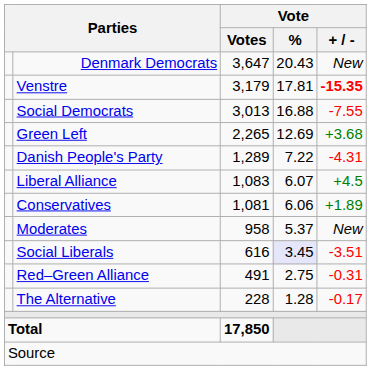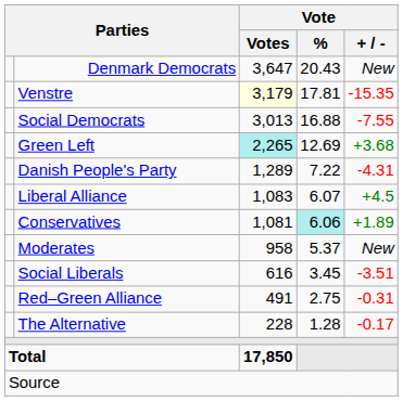 <table class="wikitable" style="text-align:right;">
 <tr>
 <th style="text-align:centre;" rowspan="2" colspan="2" width="225">Parties</th>
 <th colspan="3">Vote</th>
 </tr>
 <tr>
 <th width="15">Votes</th>
 <th width="15">%</th>
 <th width="15">+ / -</th>
 </tr>
 <tr>
 <td width=2 bgcolor=></td>
 <td><a href='#'>Denmark Democrats</a></td>
 <td>3,647</td>
 <td>20.43</td>
 <td><em>New</em></td>
 </tr>
 <tr>
 <td width=2 bgcolor=></td>
 <td align=left><a href='#'>Venstre</a></td>
-<td>3,179</td>
+<td style="background: lightyellow;">3,179</td>
 <td>17.81</td>
-<td style=color:red;><strong>-15.35</strong></td>
+<td style=color:red;>-15.35</td>
 </tr>
 <tr>
 <td width=2 bgcolor=></td>
 <td align=left><a href='#'>Social Democrats</a></td>
 <td>3,013</td>
 <td>16.88</td>
 <td style=color:red;>-7.55</td>
 </tr>
 <tr>
 <td width=2 bgcolor=></td>
 <td align=left><a href='#'>Green Left</a></td>
-<td>2,265</td>
+<td style="background: paleturquoise;">2,265</td>
 <td>12.69</td>
 <td style=color:green;>+3.68</td>
 </tr>
 <tr>
 <td width=2 bgcolor=></td>
 <td align=left><a href='#'>Danish People's Party</a></td>
 <td>1,289</td>
 <td>7.22</td>
 <td style=color:red;>-4.31</td>
 </tr>
 <tr>
 <td width=2 bgcolor=></td>
 <td align=left><a href='#'>Liberal Alliance</a></td>
 <td>1,083</td>
 <td>6.07</td>
 <td style=color:green;>+4.5</td>
 </tr>
 <tr>
 <td width=2 bgcolor=></td>
 <td align=left><a href='#'>Conservatives</a></td>
 <td>1,081</td>
-<td>6.06</td>
+<td style="background: paleturquoise;">6.06</td>
 <td style=color:green;>+1.89</td>
 </tr>
 <tr>
 <td width=2 bgcolor=></td>
 <td align=left><a href='#'>Moderates</a></td>
 <td>958</td>
 <td>5.37</td>
 <td><em>New</em></td>
 </tr>
 <tr>
 <td width=2 bgcolor=></td>
 <td align=left><a href='#'>Social Liberals</a></td>
 <td>616</td>
-<td style="background: lavender;">3.45</td>
+<td>3.45</td>
 <td style=color:red;>-3.51</td>
 </tr>
 <tr>
 <td width=2 bgcolor=></td>
 <td align=left><a href='#'>Red–Green Alliance</a></td>
 <td>491</td>
 <td>2.75</td>
 <td style=color:red;>-0.31</td>
 </tr>
 <tr>
 <td width=2 bgcolor=></td>
 <td align=left><a href='#'>The Alternative</a></td>
 <td>228</td>
 <td>1.28</td>
 <td style=color:red;>-0.17</td>
 </tr>
 <tr>
 <td colspan="7" bgcolor="#E9E9E9"></td>
 </tr>
 <tr>
 <td align="left" colspan="2"><strong>Total</strong></td>
 <td><strong>17,850</strong></td>
 <td bgcolor=#E9E9E9 colspan=2></td>
 </tr>
 <tr>
 <td align="left" colspan="6">Source</td>
 </tr>
 </table>
